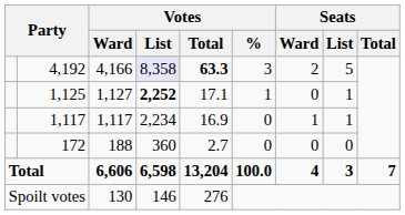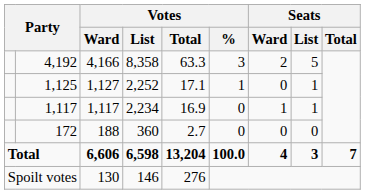 <table class=wikitable style="text-align:right">
 <tr>
 <th rowspan="2" colspan="2">Party</th>
 <th colspan="4" align="center">Votes</th>
 <th colspan="3" align="center">Seats</th>
 </tr>
 <tr>
 <th>Ward</th>
 <th>List</th>
 <th>Total</th>
 <th>%</th>
 <th>Ward</th>
 <th>List</th>
 <th>Total</th>
 </tr>
 <tr>
 <td></td>
 <td>4,192</td>
 <td>4,166</td>
-<td style="background: lavender;">8,358</td>
-<td><strong>63.3</strong></td>
+<td>8,358</td>
+<td>63.3</td>
 <td>3</td>
 <td>2</td>
 <td>5</td>
 </tr>
 <tr>
 <td></td>
 <td>1,125</td>
 <td>1,127</td>
-<td><strong>2,252</strong></td>
+<td>2,252</td>
 <td>17.1</td>
 <td>1</td>
 <td>0</td>
 <td>1</td>
 </tr>
 <tr>
 <td></td>
 <td>1,117</td>
 <td>1,117</td>
 <td>2,234</td>
 <td>16.9</td>
 <td>0</td>
 <td>1</td>
 <td>1</td>
 </tr>
 <tr>
 <td></td>
 <td>172</td>
 <td>188</td>
 <td>360</td>
 <td>2.7</td>
 <td>0</td>
 <td>0</td>
 <td>0</td>
 </tr>
 <tr>
 <td colspan="2" style="text-align:left"><strong>Total</strong></td>
 <td><strong>6,606</strong></td>
 <td><strong>6,598</strong></td>
 <td><strong>13,204</strong></td>
 <td><strong>100.0</strong></td>
 <td><strong>4</strong></td>
 <td><strong>3</strong></td>
 <td><strong>7</strong></td>
 </tr>
 <tr>
 <td colspan="2" style="text-align:left">Spoilt votes</td>
 <td>130</td>
 <td>146</td>
 <td>276</td>
 </tr>
 </table>
